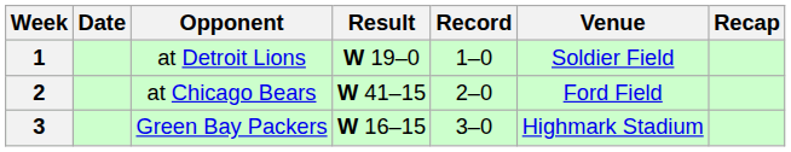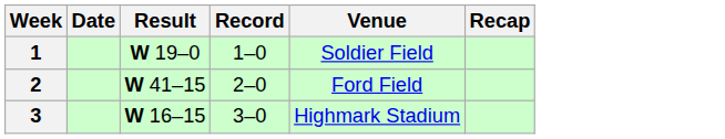 <table class="wikitable" style="text-align:center">
 <tr>
 <th>Week</th>
 <th>Date</th>
-<th>Opponent</th>
 <th>Result</th>
 <th>Record</th>
 <th>Venue</th>
 <th>Recap</th>
 </tr>
 <tr style="background:#cfc">
 <th>1</th>
 <td></td>
-<td>at <a href='#'>Detroit Lions</a></td>
 <td><strong>W</strong> 19–0</td>
 <td>1–0</td>
 <td><a href='#'>Soldier Field</a></td>
 <td></td>
 </tr>
 <tr style="background:#cfc">
 <th>2</th>
 <td></td>
-<td>at <a href='#'>Chicago Bears</a></td>
 <td><strong>W</strong> 41–15</td>
 <td>2–0</td>
 <td><a href='#'>Ford Field</a></td>
 <td></td>
 </tr>
 <tr style="background:#cfc">
 <th>3</th>
 <td></td>
-<td><a href='#'>Green Bay Packers</a></td>
 <td><strong>W</strong> 16–15</td>
 <td>3–0</td>
 <td><a href='#'>Highmark Stadium</a></td>
 <td></td>
 </tr>
 </table>
